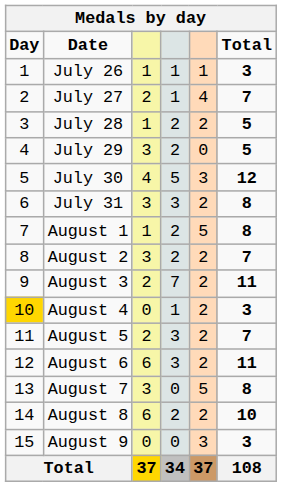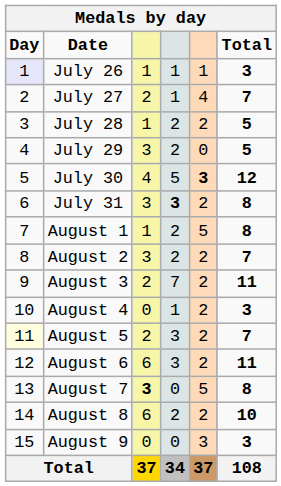 <table class=wikitable style="font-size:85%; float:right;text-align:center">
 <tr>
 <th colspan=7>Medals by day</th>
 </tr>
 <tr>
 <td><strong>Day</strong></td>
 <td><strong>Date</strong></td>
 <td bgcolor=F7F6A8></td>
 <td bgcolor=DCE5E5></td>
 <td bgcolor=FFDAB9></td>
 <td><strong>Total</strong></td>
 </tr>
 <tr>
-<td>1</td>
+<td style="background: lavender;">1</td>
 <td>July 26</td>
 <td bgcolor=F7F6A8>1</td>
 <td bgcolor=DCE5E5>1</td>
 <td bgcolor=FFDAB9>1</td>
 <td><strong>3</strong></td>
 </tr>
 <tr>
 <td>2</td>
 <td>July 27</td>
 <td bgcolor=F7F6A8>2</td>
 <td bgcolor=DCE5E5>1</td>
 <td bgcolor=FFDAB9>4</td>
 <td><strong>7</strong></td>
 </tr>
 <tr>
 <td>3</td>
 <td>July 28</td>
 <td bgcolor=F7F6A8>1</td>
 <td bgcolor=DCE5E5>2</td>
 <td bgcolor=FFDAB9>2</td>
 <td><strong>5</strong></td>
 </tr>
 <tr>
 <td>4</td>
 <td>July 29</td>
 <td bgcolor=F7F6A8>3</td>
 <td bgcolor=DCE5E5>2</td>
 <td bgcolor=FFDAB9>0</td>
 <td><strong>5</strong></td>
 </tr>
 <tr>
 <td>5</td>
 <td>July 30</td>
 <td bgcolor=F7F6A8>4</td>
 <td bgcolor=DCE5E5>5</td>
-<td bgcolor=FFDAB9>3</td>
+<td bgcolor=FFDAB9><strong>3</strong></td>
 <td><strong>12</strong></td>
 </tr>
 <tr>
 <td>6</td>
 <td>July 31</td>
 <td bgcolor=F7F6A8>3</td>
-<td bgcolor=DCE5E5>3</td>
+<td bgcolor=DCE5E5><strong>3</strong></td>
 <td bgcolor=FFDAB9>2</td>
 <td><strong>8</strong></td>
 </tr>
 <tr>
 <td>7</td>
 <td>August 1</td>
 <td bgcolor=F7F6A8>1</td>
 <td bgcolor=DCE5E5>2</td>
 <td bgcolor=FFDAB9>5</td>
 <td><strong>8</strong></td>
 </tr>
 <tr>
 <td>8</td>
 <td>August 2</td>
 <td bgcolor=F7F6A8>3</td>
 <td bgcolor=DCE5E5>2</td>
 <td bgcolor=FFDAB9>2</td>
 <td><strong>7</strong></td>
 </tr>
 <tr>
 <td>9</td>
 <td>August 3</td>
 <td bgcolor=F7F6A8>2</td>
 <td bgcolor=DCE5E5>7</td>
 <td bgcolor=FFDAB9>2</td>
 <td><strong>11</strong></td>
 </tr>
 <tr>
-<td style="background: gold;">10</td>
+<td>10</td>
 <td>August 4</td>
 <td bgcolor=F7F6A8>0</td>
 <td bgcolor=DCE5E5>1</td>
 <td bgcolor=FFDAB9>2</td>
 <td><strong>3</strong></td>
 </tr>
 <tr>
-<td>11</td>
+<td style="background: lightyellow;">11</td>
 <td>August 5</td>
 <td bgcolor=F7F6A8>2</td>
 <td bgcolor=DCE5E5>3</td>
 <td bgcolor=FFDAB9>2</td>
 <td><strong>7</strong></td>
 </tr>
 <tr>
 <td>12</td>
 <td>August 6</td>
 <td bgcolor=F7F6A8>6</td>
 <td bgcolor=DCE5E5>3</td>
 <td bgcolor=FFDAB9>2</td>
 <td><strong>11</strong></td>
 </tr>
 <tr>
 <td>13</td>
 <td>August 7</td>
-<td bgcolor=F7F6A8>3</td>
+<td bgcolor=F7F6A8><strong>3</strong></td>
 <td bgcolor=DCE5E5>0</td>
 <td bgcolor=FFDAB9>5</td>
 <td><strong>8</strong></td>
 </tr>
 <tr>
 <td>14</td>
 <td>August 8</td>
 <td bgcolor=F7F6A8>6</td>
 <td bgcolor=DCE5E5>2</td>
 <td bgcolor=FFDAB9>2</td>
 <td><strong>10</strong></td>
 </tr>
 <tr>
 <td>15</td>
 <td>August 9</td>
 <td bgcolor=F7F6A8>0</td>
 <td bgcolor=DCE5E5>0</td>
 <td bgcolor=FFDAB9>3</td>
 <td><strong>3</strong></td>
 </tr>
 <tr>
 <th colspan=2>Total</th>
 <th style=background:gold>37</th>
 <th style=background:silver>34</th>
 <th style=background:#C96>37</th>
 <th>108</th>
 </tr>
 </table>
